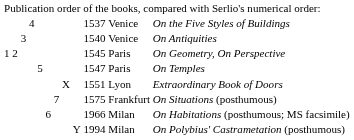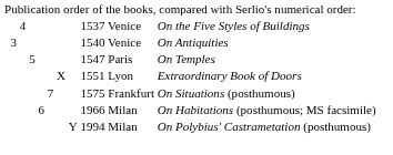 <table>
 <tr>
 <td colspan=11>Publication order of the books, compared with Serlio's numerical order:</td>
 </tr>
 <tr>
 <td></td>
 <td></td>
 <td></td>
 <td>4</td>
 <td></td>
 <td></td>
 <td></td>
 <td></td>
 <td></td>
 <td>1537 Venice</td>
 <td><em>On the Five Styles of Buildings</em></td>
 </tr>
 <tr>
 <td></td>
 <td></td>
 <td>3</td>
 <td></td>
 <td></td>
 <td></td>
 <td></td>
 <td></td>
 <td></td>
 <td>1540 Venice</td>
 <td><em>On Antiquities</em></td>
-</tr>
-<tr>
-<td>1</td>
-<td>2</td>
-<td></td>
-<td></td>
-<td></td>
-<td></td>
-<td></td>
-<td></td>
-<td></td>
-<td>1545 Paris</td>
-<td><em>On Geometry, On Perspective</em></td>
 </tr>
 <tr>
 <td></td>
 <td></td>
 <td></td>
 <td></td>
 <td>5</td>
 <td></td>
 <td></td>
 <td></td>
 <td></td>
 <td>1547 Paris</td>
 <td><em>On Temples</em></td>
 </tr>
 <tr>
 <td></td>
 <td></td>
 <td></td>
 <td></td>
 <td></td>
 <td></td>
 <td></td>
 <td>X</td>
 <td></td>
 <td>1551 Lyon</td>
 <td><em>Extraordinary Book of Doors</em></td>
 </tr>
 <tr>
 <td></td>
 <td></td>
 <td></td>
 <td></td>
 <td></td>
 <td></td>
 <td>7</td>
 <td></td>
 <td></td>
 <td>1575 Frankfurt</td>
 <td><em>On Situations</em> (posthumous)</td>
 </tr>
 <tr>
 <td></td>
 <td></td>
 <td></td>
 <td></td>
 <td></td>
 <td>6</td>
 <td></td>
 <td></td>
 <td></td>
 <td>1966 Milan</td>
 <td><em>On Habitations</em> (posthumous; MS facsimile)</td>
 </tr>
 <tr>
 <td></td>
 <td></td>
 <td></td>
 <td></td>
 <td></td>
 <td></td>
 <td></td>
 <td></td>
 <td>Y</td>
 <td>1994 Milan</td>
 <td><em>On Polybius' Castrametation</em> (posthumous)</td>
 </tr>
 </table>
